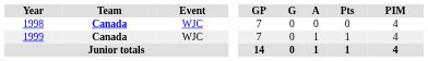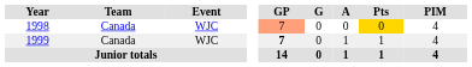 <table border="0" cellpadding="1" cellspacing="0" style="text-align:center; width:40em">
 <tr ALIGN="center" bgcolor="#e0e0e0">
 <th>Year</th>
 <th>Team</th>
 <th>Event</th>
 <th rowspan="99" bgcolor="#ffffff"> </th>
 <th>GP</th>
 <th>G</th>
 <th>A</th>
 <th>Pts</th>
 <th>PIM</th>
 </tr>
 <tr>
 <td><a href='#'>1998</a></td>
-<td><strong><a href='#'>Canada</a></strong></td>
+<td><a href='#'>Canada</a></td>
 <td><a href='#'>WJC</a></td>
-<td>7</td>
+<td style="background: lightsalmon;">7</td>
 <td>0</td>
 <td>0</td>
-<td>0</td>
+<td style="background: gold;">0</td>
 <td>4</td>
 </tr>
 <tr bgcolor="#f0f0f0">
 <td><a href='#'>1999</a></td>
-<td><strong>Canada</strong></td>
+<td>Canada</td>
 <td>WJC</td>
-<td>7</td>
+<td><strong>7</strong></td>
 <td>0</td>
 <td>1</td>
 <td>1</td>
 <td>4</td>
 </tr>
 <tr bgcolor="#e0e0e0">
 <th colspan=3>Junior totals</th>
 <th>14</th>
 <th>0</th>
 <th>1</th>
 <th>1</th>
 <th>4</th>
 </tr>
 </table>
